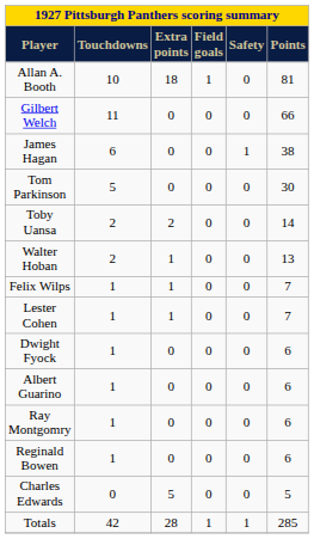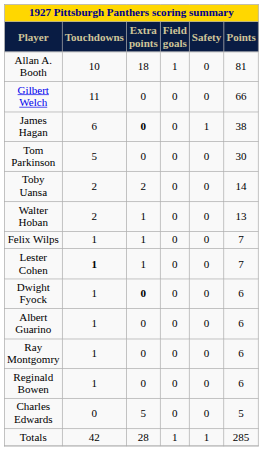 <table class="wikitable" width="35%">
 <tr>
 <th colspan="10" style="background:gold; color:darkblue; text-align: center;"><strong>1927 Pittsburgh Panthers scoring summary</strong></th>
 </tr>
 <tr align="center"  style="background:#091C44;color:#CEC499;">
 <td><strong>Player</strong></td>
 <td><strong>Touchdowns</strong></td>
 <td><strong>Extra points</strong></td>
 <td><strong>Field goals</strong></td>
 <td><strong>Safety</strong></td>
 <td><strong>Points</strong></td>
 </tr>
 <tr align="center" bgcolor="">
 <td>Allan A. Booth</td>
 <td>10</td>
 <td>18</td>
 <td>1</td>
 <td>0</td>
 <td>81</td>
 </tr>
 <tr align="center" bgcolor="">
 <td><a href='#'>Gilbert Welch</a></td>
 <td>11</td>
 <td>0</td>
 <td>0</td>
 <td>0</td>
 <td>66</td>
 </tr>
 <tr align="center" bgcolor="">
 <td>James Hagan</td>
 <td>6</td>
-<td>0</td>
+<td><strong>0</strong></td>
 <td>0</td>
 <td>1</td>
 <td>38</td>
 </tr>
 <tr align="center" bgcolor="">
 <td>Tom Parkinson</td>
 <td>5</td>
 <td>0</td>
 <td>0</td>
 <td>0</td>
 <td>30</td>
 </tr>
 <tr align="center" bgcolor="">
 <td>Toby Uansa</td>
 <td>2</td>
 <td>2</td>
 <td>0</td>
 <td>0</td>
 <td>14</td>
 </tr>
 <tr align="center" bgcolor="">
 <td>Walter Hoban</td>
 <td>2</td>
 <td>1</td>
 <td>0</td>
 <td>0</td>
 <td>13</td>
 </tr>
 <tr align="center" bgcolor="">
 <td>Felix Wilps</td>
 <td>1</td>
 <td>1</td>
 <td>0</td>
 <td>0</td>
 <td>7</td>
 </tr>
 <tr align="center" bgcolor="">
 <td>Lester Cohen</td>
-<td>1</td>
+<td><strong>1</strong></td>
 <td>1</td>
 <td>0</td>
 <td>0</td>
 <td>7</td>
 </tr>
 <tr align="center" bgcolor="">
 <td>Dwight Fyock</td>
 <td>1</td>
-<td>0</td>
+<td><strong>0</strong></td>
 <td>0</td>
 <td>0</td>
 <td>6</td>
 </tr>
 <tr align="center" bgcolor="">
 <td>Albert Guarino</td>
 <td>1</td>
 <td>0</td>
 <td>0</td>
 <td>0</td>
 <td>6</td>
 </tr>
 <tr align="center" bgcolor="">
 <td>Ray Montgomry</td>
 <td>1</td>
 <td>0</td>
 <td>0</td>
 <td>0</td>
 <td>6</td>
 </tr>
 <tr align="center" bgcolor="">
 <td>Reginald Bowen</td>
 <td>1</td>
 <td>0</td>
 <td>0</td>
 <td>0</td>
 <td>6</td>
 </tr>
 <tr align="center" bgcolor="">
 <td>Charles Edwards</td>
 <td>0</td>
 <td>5</td>
 <td>0</td>
 <td>0</td>
 <td>5</td>
 </tr>
 <tr align="center" bgcolor="">
 <td>Totals</td>
 <td>42</td>
 <td>28</td>
 <td>1</td>
 <td>1</td>
 <td>285</td>
 </tr>
 <tr align="center" bgcolor="">
 </tr>
 </table>
